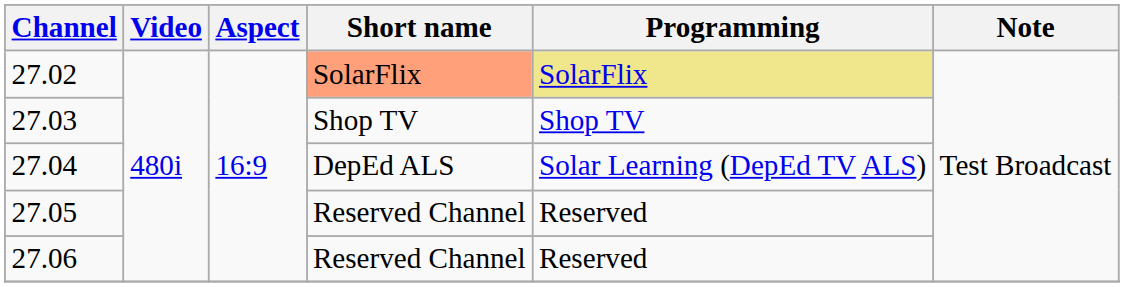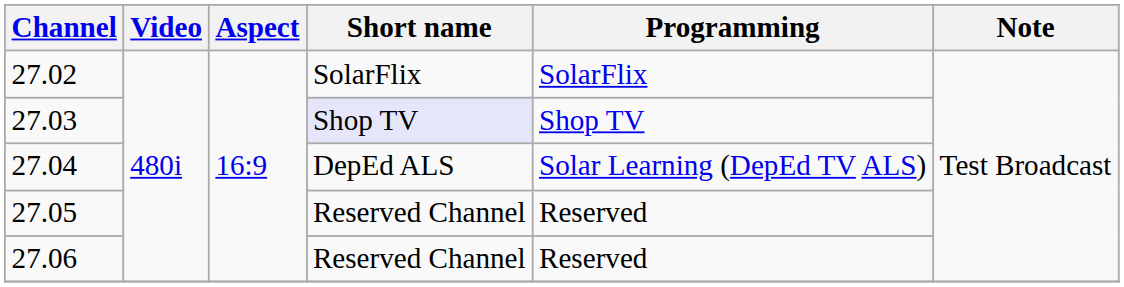 <table class="wikitable">
 <tr Solar>
 <th><a href='#'>Channel</a></th>
 <th><a href='#'>Video</a></th>
 <th><a href='#'>Aspect</a></th>
 <th>Short name</th>
 <th>Programming</th>
 <th>Note</th>
 </tr>
 <tr>
 <td>27.02</td>
 <td rowspan=5><a href='#'>480i</a></td>
 <td rowspan=5><a href='#'>16:9</a></td>
-<td style="background: lightsalmon;">SolarFlix</td>
-<td style="background: khaki;"><a href='#'>SolarFlix</a></td>
+<td>SolarFlix</td>
+<td><a href='#'>SolarFlix</a></td>
 <td rowspan=5>Test Broadcast</td>
 </tr>
 <tr>
 <td>27.03</td>
-<td>Shop TV</td>
+<td style="background: lavender;">Shop TV</td>
 <td><a href='#'>Shop TV</a></td>
 </tr>
 <tr>
 <td>27.04</td>
 <td>DepEd ALS</td>
 <td><a href='#'>Solar Learning</a> (<a href='#'>DepEd TV</a> <a href='#'>ALS</a>)</td>
 </tr>
 <tr>
 <td>27.05</td>
 <td>Reserved Channel</td>
 <td>Reserved</td>
 </tr>
 <tr>
 <td>27.06</td>
 <td>Reserved Channel</td>
 <td>Reserved</td>
 </tr>
 <tr>
 </tr>
 </table>
